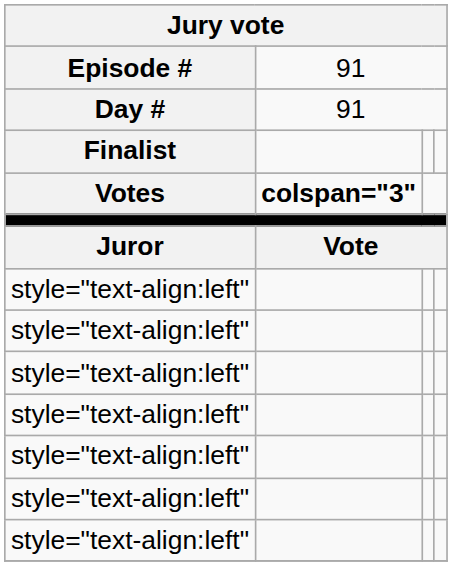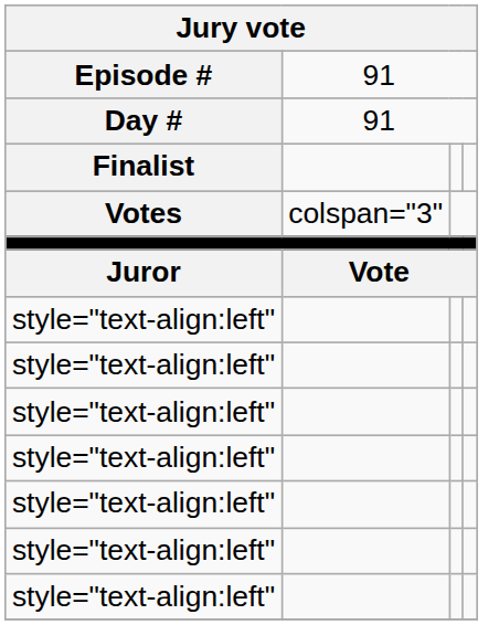 <table class="wikitable nowrap" style="text-align:center; font-size:100%">
 <tr>
 <th colspan="4">Jury vote</th>
 </tr>
 <tr>
 <th>Episode #</th>
 <td colspan="3">91</td>
 </tr>
 <tr>
 <th>Day #</th>
 <td colspan="3">91</td>
 </tr>
 <tr>
 <th>Finalist</th>
 <td></td>
 <td></td>
 <td></td>
 </tr>
 <tr>
 <th>Votes</th>
-<td><strong>colspan="3" </strong></td>
+<td>colspan="3" </td>
 </tr>
 <tr>
 <th colspan="5" style="background:black;"></th>
 </tr>
 <tr>
 <th>Juror</th>
 <th colspan="4">Vote</th>
 </tr>
 <tr>
 <td>style="text-align:left" </td>
 <td></td>
 <td></td>
 <td></td>
 </tr>
 <tr>
 <td>style="text-align:left" </td>
 <td></td>
 <td></td>
 <td></td>
 </tr>
 <tr>
 <td>style="text-align:left" </td>
 <td></td>
 <td></td>
 <td></td>
 </tr>
 <tr>
 <td>style="text-align:left" </td>
 <td></td>
 <td></td>
 <td></td>
 </tr>
 <tr>
 <td>style="text-align:left" </td>
 <td></td>
 <td></td>
 <td></td>
 </tr>
 <tr>
 <td>style="text-align:left" </td>
 <td></td>
 <td></td>
 <td></td>
 </tr>
 <tr>
 <td>style="text-align:left" </td>
 <td></td>
 <td></td>
 <td></td>
 </tr>
 <tr>
 </tr>
 </table>
